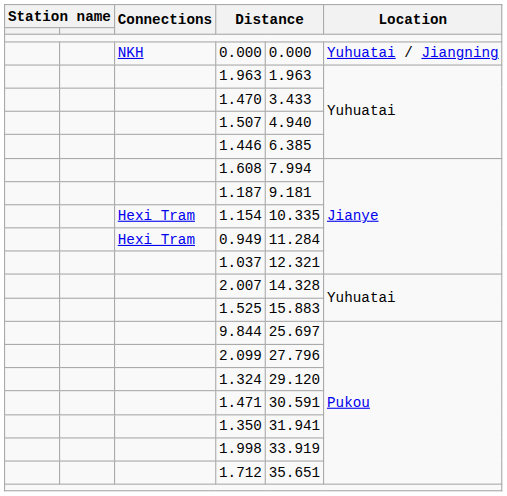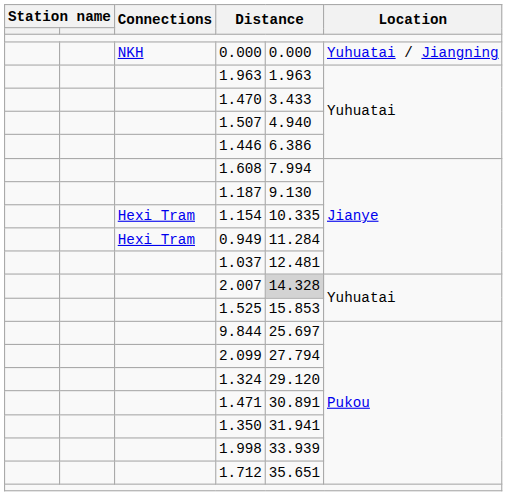 <table class="wikitable">
 <tr>
 <th colspan="2">Station name</th>
 <th rowspan="2">Connections</th>
 <th colspan="2" rowspan="2">Distance<br></th>
 <th rowspan="2">Location</th>
 </tr>
 <tr>
 <th></th>
 <th></th>
 </tr>
 <tr style="background:#">
 <td colspan = "6"></td>
 </tr>
 <tr>
 <td></td>
 <td></td>
 <td>      <a href='#'>NKH</a></td>
 <td>0.000</td>
 <td>0.000</td>
 <td><a href='#'>Yuhuatai</a> / <a href='#'>Jiangning</a></td>
 </tr>
 <tr>
 <td></td>
 <td></td>
 <td></td>
 <td>1.963</td>
 <td>1.963</td>
 <td rowspan="4">Yuhuatai</td>
 </tr>
 <tr>
 <td></td>
 <td></td>
 <td></td>
 <td>1.470</td>
 <td>3.433</td>
 </tr>
 <tr>
 <td></td>
 <td></td>
 <td></td>
 <td>1.507</td>
 <td>4.940</td>
 </tr>
 <tr>
 <td></td>
 <td></td>
 <td></td>
 <td>1.446</td>
-<td>6.385</td>
+<td>6.386</td>
 </tr>
 <tr>
 <td></td>
 <td></td>
 <td></td>
 <td>1.608</td>
 <td>7.994</td>
 <td rowspan="5"><a href='#'>Jianye</a></td>
 </tr>
 <tr>
 <td></td>
 <td></td>
 <td></td>
 <td>1.187</td>
-<td>9.181</td>
+<td>9.130</td>
 </tr>
 <tr>
 <td></td>
 <td></td>
 <td> <a href='#'>Hexi Tram</a></td>
 <td>1.154</td>
 <td>10.335</td>
 </tr>
 <tr>
 <td></td>
 <td></td>
 <td> <a href='#'>Hexi Tram</a></td>
 <td>0.949</td>
 <td>11.284</td>
 </tr>
 <tr>
 <td></td>
 <td></td>
 <td></td>
 <td>1.037</td>
-<td>12.321</td>
+<td>12.481</td>
 </tr>
 <tr>
 <td></td>
 <td></td>
 <td></td>
 <td>2.007</td>
-<td>14.328</td>
+<td style="background: lightgrey;">14.328</td>
 <td rowspan="2">Yuhuatai</td>
 </tr>
 <tr>
 <td></td>
 <td></td>
 <td></td>
 <td>1.525</td>
-<td>15.883</td>
+<td>15.853</td>
 </tr>
 <tr>
 <td></td>
 <td></td>
 <td></td>
 <td>9.844</td>
 <td>25.697</td>
 <td rowspan="7"><a href='#'>Pukou</a></td>
 </tr>
 <tr>
 <td></td>
 <td></td>
 <td></td>
 <td>2.099</td>
-<td>27.796</td>
+<td>27.794</td>
 </tr>
 <tr>
 <td></td>
 <td></td>
 <td></td>
 <td>1.324</td>
 <td>29.120</td>
 </tr>
 <tr>
 <td></td>
 <td></td>
 <td></td>
 <td>1.471</td>
-<td>30.591</td>
+<td>30.891</td>
 </tr>
 <tr>
 <td></td>
 <td></td>
 <td></td>
 <td>1.350</td>
 <td>31.941</td>
 </tr>
 <tr>
 <td></td>
 <td></td>
 <td></td>
 <td>1.998</td>
-<td>33.919</td>
+<td>33.939</td>
 </tr>
 <tr>
 <td></td>
 <td></td>
 <td></td>
 <td>1.712</td>
 <td>35.651</td>
 </tr>
 <tr style="background:#">
 <td colspan = "6"></td>
 </tr>
 </table>
